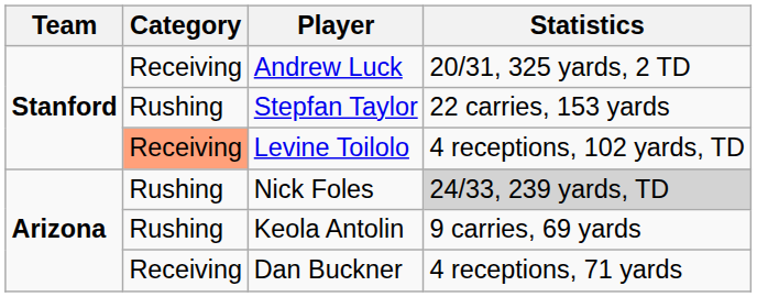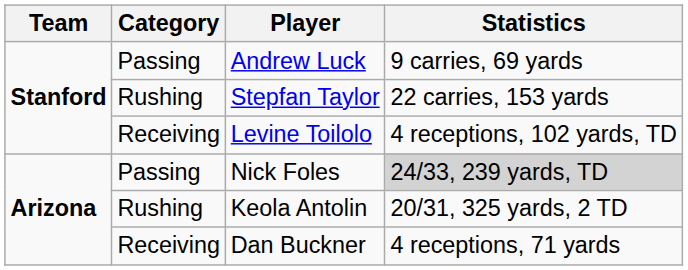 <table class="wikitable" style="float: right;">
 <tr>
 <th>Team</th>
 <th>Category</th>
 <th>Player</th>
 <th>Statistics</th>
 </tr>
 <tr>
 <td rowspan=3><strong>Stanford</strong></td>
-<td>Receiving</td>
+<td>Passing</td>
 <td><a href='#'>Andrew Luck</a></td>
-<td>20/31, 325 yards, 2 TD</td>
+<td>9 carries, 69 yards</td>
 </tr>
 <tr>
 <td>Rushing</td>
 <td><a href='#'>Stepfan Taylor</a></td>
 <td>22 carries, 153 yards</td>
 </tr>
 <tr>
-<td style="background: lightsalmon;">Receiving</td>
+<td>Receiving</td>
 <td><a href='#'>Levine Toilolo</a></td>
 <td>4 receptions, 102 yards, TD</td>
 </tr>
 <tr>
 <td rowspan=3><strong>Arizona</strong></td>
-<td>Rushing</td>
+<td>Passing</td>
 <td>Nick Foles</td>
 <td style="background: lightgrey;">24/33, 239 yards, TD</td>
 </tr>
 <tr>
 <td>Rushing</td>
 <td>Keola Antolin</td>
-<td>9 carries, 69 yards</td>
+<td>20/31, 325 yards, 2 TD</td>
 </tr>
 <tr>
 <td>Receiving</td>
 <td>Dan Buckner</td>
 <td>4 receptions, 71 yards</td>
 </tr>
 </table>
